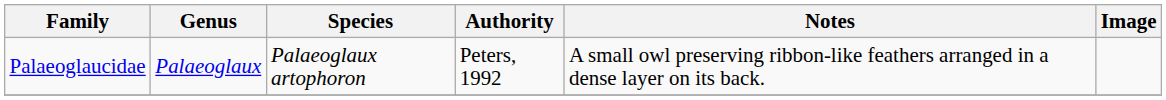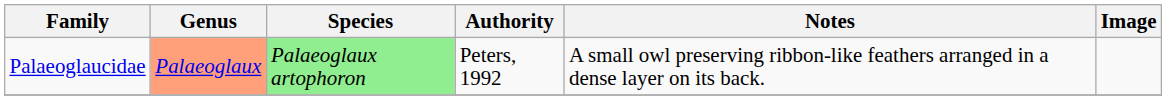 <table class="wikitable" align="center" width="100%">
 <tr>
 <th>Family</th>
 <th>Genus</th>
 <th>Species</th>
 <th>Authority</th>
 <th>Notes</th>
 <th>Image</th>
 </tr>
 <tr>
 <td><a href='#'>Palaeoglaucidae</a></td>
-<td><em><a href='#'>Palaeoglaux</a></em></td>
-<td><em>Palaeoglaux artophoron</em></td>
+<td style="background: lightsalmon;"><em><a href='#'>Palaeoglaux</a></em></td>
+<td style="background: lightgreen;"><em>Palaeoglaux artophoron</em></td>
 <td>Peters, 1992</td>
 <td>A small owl preserving ribbon-like feathers arranged in a dense layer on its back.</td>
 <td></td>
 </tr>
 <tr>
 </tr>
 </table>
